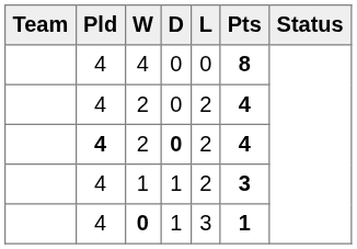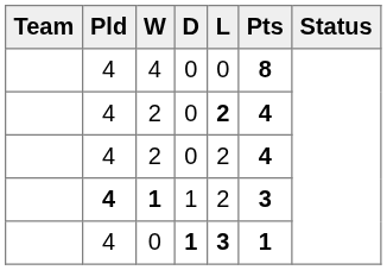 <table style=border-collapse:collapse border=1 cellspacing=0 cellpadding=5>
 <tr align=center bgcolor=#efefef>
 <th>Team</th>
 <th>Pld</th>
 <th>W</th>
 <th>D</th>
 <th>L</th>
 <th>Pts</th>
 <th>Status</th>
 </tr>
 <tr align=center style="background:#FFFFFF;">
 <td style="text-align:left;"> </td>
 <td>4</td>
 <td>4</td>
 <td>0</td>
 <td>0</td>
 <td><strong>8</strong></td>
 <td rowspan=5></td>
 </tr>
 <tr align=center style="background:#FFFFFF;">
 <td style="text-align:left;"> </td>
 <td>4</td>
 <td>2</td>
 <td>0</td>
+<td><strong>2</strong></td>
+<td><strong>4</strong></td>
+</tr>
+<tr align=center style="background:#FFFFFF;">
+<td style="text-align:left;"> </td>
+<td>4</td>
+<td>2</td>
+<td>0</td>
 <td>2</td>
 <td><strong>4</strong></td>
 </tr>
 <tr align=center style="background:#FFFFFF;">
 <td style="text-align:left;"> </td>
 <td><strong>4</strong></td>
-<td>2</td>
-<td><strong>0</strong></td>
-<td>2</td>
-<td><strong>4</strong></td>
-</tr>
-<tr align=center style="background:#FFFFFF;">
-<td style="text-align:left;"> </td>
-<td>4</td>
-<td>1</td>
+<td><strong>1</strong></td>
 <td>1</td>
 <td>2</td>
 <td><strong>3</strong></td>
 </tr>
 <tr align=center style="background:#FFFFFF;">
 <td style="text-align:left;"> </td>
 <td>4</td>
-<td><strong>0</strong></td>
-<td>1</td>
-<td>3</td>
+<td>0</td>
+<td><strong>1</strong></td>
+<td><strong>3</strong></td>
 <td><strong>1</strong></td>
 </tr>
 </table>
